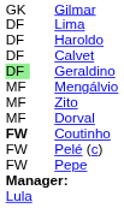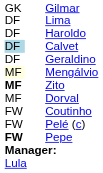 <table style="font-size: 90%" cellspacing="0" cellpadding="0" align=center>
 <tr>
 <td colspan="4"></td>
 </tr>
 <tr>
 <th width=25></th>
 <th width=25></th>
 </tr>
 <tr>
 <td>GK</td>
 <td></td>
 <td> <a href='#'>Gilmar</a></td>
 </tr>
 <tr>
 <td>DF</td>
 <td></td>
 <td> <a href='#'>Lima</a></td>
 </tr>
 <tr>
 <td>DF</td>
 <td></td>
 <td> <a href='#'>Haroldo</a></td>
 </tr>
 <tr>
-<td>DF</td>
+<td style="background: lightblue;">DF</td>
 <td></td>
 <td> <a href='#'>Calvet</a></td>
 </tr>
 <tr>
-<td style="background: lightgreen;">DF</td>
+<td>DF</td>
 <td></td>
 <td> <a href='#'>Geraldino</a></td>
 </tr>
 <tr>
-<td>MF</td>
+<td style="background: lightyellow;">MF</td>
 <td></td>
 <td> <a href='#'>Mengálvio</a></td>
 </tr>
 <tr>
-<td>MF</td>
+<td><strong>MF</strong></td>
 <td></td>
 <td> <a href='#'>Zito</a></td>
 </tr>
 <tr>
 <td>MF</td>
 <td></td>
 <td> <a href='#'>Dorval</a></td>
 </tr>
 <tr>
-<td><strong>FW</strong></td>
+<td>FW</td>
 <td></td>
 <td> <a href='#'>Coutinho</a></td>
 </tr>
 <tr>
 <td>FW</td>
 <td></td>
 <td> <a href='#'>Pelé</a> (<a href='#'>c</a>)</td>
 </tr>
 <tr>
-<td>FW</td>
+<td><strong>FW</strong></td>
 <td></td>
 <td> <a href='#'>Pepe</a></td>
 </tr>
 <tr>
 <td colspan=3><strong>Manager:</strong></td>
 </tr>
 <tr>
 <td colspan=4> <a href='#'>Lula</a></td>
 </tr>
 </table>
